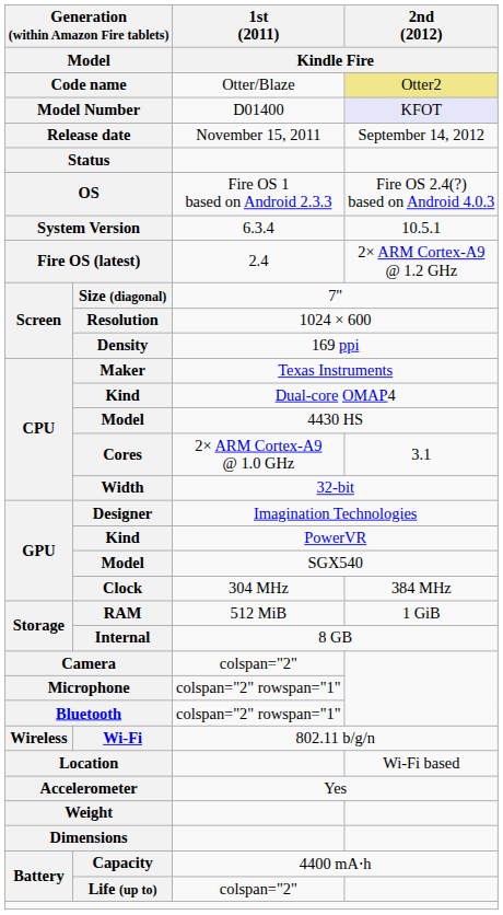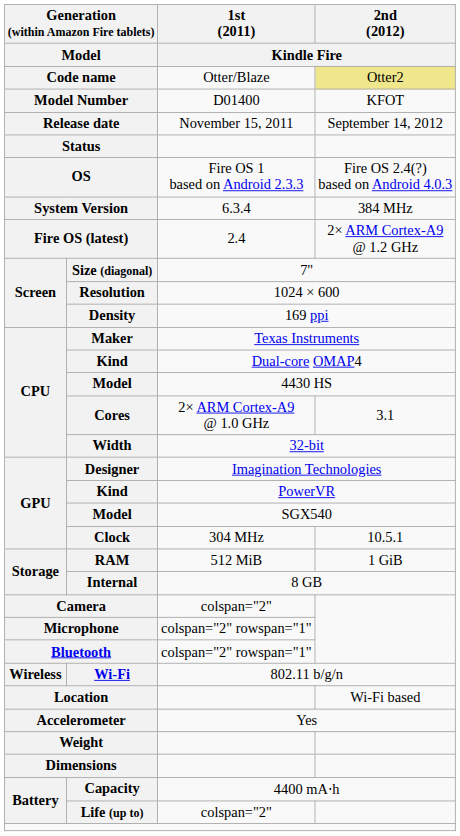 <table class="wikitable mw-collapsible mw-collapsed" style="text-align:center;">
 <tr>
 <th colspan="2">Generation<br><small>(within Amazon Fire tablets)</small></th>
 <th>1st<br>(2011)</th>
 <th>2nd<br>(2012)</th>
 </tr>
 <tr>
 <th colspan="2">Model</th>
 <th colspan="2">Kindle Fire</th>
 </tr>
 <tr>
 <th colspan="2">Code name</th>
 <td>Otter/Blaze</td>
 <td style="background: khaki;">Otter2</td>
 </tr>
 <tr>
 <th colspan="2">Model Number</th>
 <td>D01400</td>
-<td style="background: lavender;">KFOT</td>
+<td>KFOT</td>
 </tr>
 <tr>
 <th colspan="2">Release date</th>
 <td>November 15, 2011</td>
 <td>September 14, 2012</td>
 </tr>
 <tr>
 <th colspan="2">Status</th>
 <td></td>
 <td></td>
 </tr>
 <tr>
 <th colspan="2">OS</th>
 <td>Fire OS 1<br>based on <a href='#'>Android 2.3.3</a></td>
 <td>Fire OS 2.4(?)<br>based on <a href='#'>Android 4.0.3</a></td>
 </tr>
 <tr>
 <th colspan="2">System Version</th>
 <td>6.3.4</td>
-<td>10.5.1</td>
+<td>384 MHz</td>
 </tr>
 <tr>
 <th colspan="2">Fire OS (latest)</th>
 <td>2.4</td>
 <td>2× <a href='#'>ARM Cortex-A9</a><br>@ 1.2 GHz</td>
 </tr>
 <tr>
 <th rowspan="3">Screen</th>
 <th>Size <small>(diagonal)</small></th>
 <td colspan="2">7"</td>
 </tr>
 <tr>
 <th colspan="1">Resolution</th>
 <td colspan="2">1024 × 600</td>
 </tr>
 <tr>
 <th colspan="1">Density</th>
 <td colspan="2">169 <a href='#'>ppi</a></td>
 </tr>
 <tr>
 <th rowspan="5">CPU</th>
 <th>Maker</th>
 <td colspan=2><a href='#'>Texas Instruments</a></td>
 </tr>
 <tr>
 <th>Kind</th>
 <td colspan=2><a href='#'>Dual-core</a> <a href='#'>OMAP</a>4</td>
 </tr>
 <tr>
 <th>Model</th>
 <td colspan=2>4430 HS</td>
 </tr>
 <tr>
 <th>Cores</th>
 <td>2× <a href='#'>ARM Cortex-A9</a><br>@ 1.0 GHz</td>
 <td>3.1</td>
 </tr>
 <tr>
 <th>Width</th>
 <td colspan="2"><a href='#'>32-bit</a></td>
 </tr>
 <tr>
 <th rowspan="4">GPU</th>
 <th>Designer</th>
 <td colspan="2"><a href='#'>Imagination Technologies</a></td>
 </tr>
 <tr>
 <th>Kind</th>
 <td colspan="2"><a href='#'>PowerVR</a></td>
 </tr>
 <tr>
 <th>Model</th>
 <td colspan="2">SGX540</td>
 </tr>
 <tr>
 <th>Clock</th>
 <td>304 MHz</td>
-<td>384 MHz</td>
+<td>10.5.1</td>
 </tr>
 <tr>
 <th rowspan="2">Storage</th>
 <th colspan="1">RAM</th>
 <td>512 MiB</td>
 <td>1 GiB</td>
 </tr>
 <tr>
 <th>Internal</th>
 <td colspan="2">8 GB</td>
 </tr>
 <tr>
 <th colspan="2">Camera</th>
 <td>colspan="2" </td>
 </tr>
 <tr>
 <th colspan="2">Microphone</th>
 <td>colspan="2" rowspan="1" </td>
 </tr>
 <tr>
 <th colspan="2"><a href='#'>Bluetooth</a></th>
 <td>colspan="2" rowspan="1" </td>
 </tr>
 <tr>
 <th>Wireless</th>
 <th><a href='#'>Wi-Fi</a></th>
 <td colspan="2">802.11 b/g/n</td>
 </tr>
 <tr>
 <th colspan="2">Location</th>
 <td></td>
 <td>Wi-Fi based</td>
 </tr>
 <tr>
 <th colspan="2">Accelerometer</th>
 <td colspan="2">Yes</td>
 </tr>
 <tr>
 <th colspan="2">Weight</th>
 <td></td>
 <td></td>
 </tr>
 <tr>
 <th colspan="2">Dimensions</th>
 <td></td>
 <td></td>
 </tr>
 <tr>
 <th rowspan="2">Battery</th>
 <th>Capacity</th>
 <td colspan="2">4400 mA⋅h</td>
 </tr>
 <tr>
 <th>Life <small>(up to)</small></th>
 <td>colspan="2" </td>
 </tr>
 <tr>
 <td colspan="4"><small></small></td>
 </tr>
 </table>
